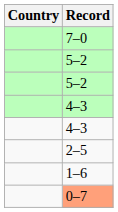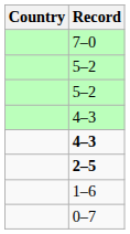 <table class="wikitable">
 <tr>
 <th>Country</th>
 <th>Record</th>
 </tr>
 <tr bgcolor=#bbffbb>
 <td><strong></strong></td>
 <td>7–0</td>
 </tr>
 <tr bgcolor=#bbffbb>
 <td><strong></strong></td>
 <td>5–2</td>
 </tr>
 <tr bgcolor=#bbffbb>
 <td><strong></strong></td>
 <td>5–2</td>
 </tr>
 <tr bgcolor=#bbffbb>
 <td><strong></strong></td>
 <td>4–3</td>
 </tr>
 <tr>
 <td><strong></strong></td>
-<td>4–3</td>
+<td><strong>4–3</strong></td>
 </tr>
 <tr>
 <td><strong></strong></td>
-<td>2–5</td>
+<td><strong>2–5</strong></td>
 </tr>
 <tr>
 <td><strong></strong></td>
 <td>1–6</td>
 </tr>
 <tr>
 <td><strong></strong></td>
-<td style="background: lightsalmon;">0–7</td>
+<td>0–7</td>
 </tr>
 </table>
